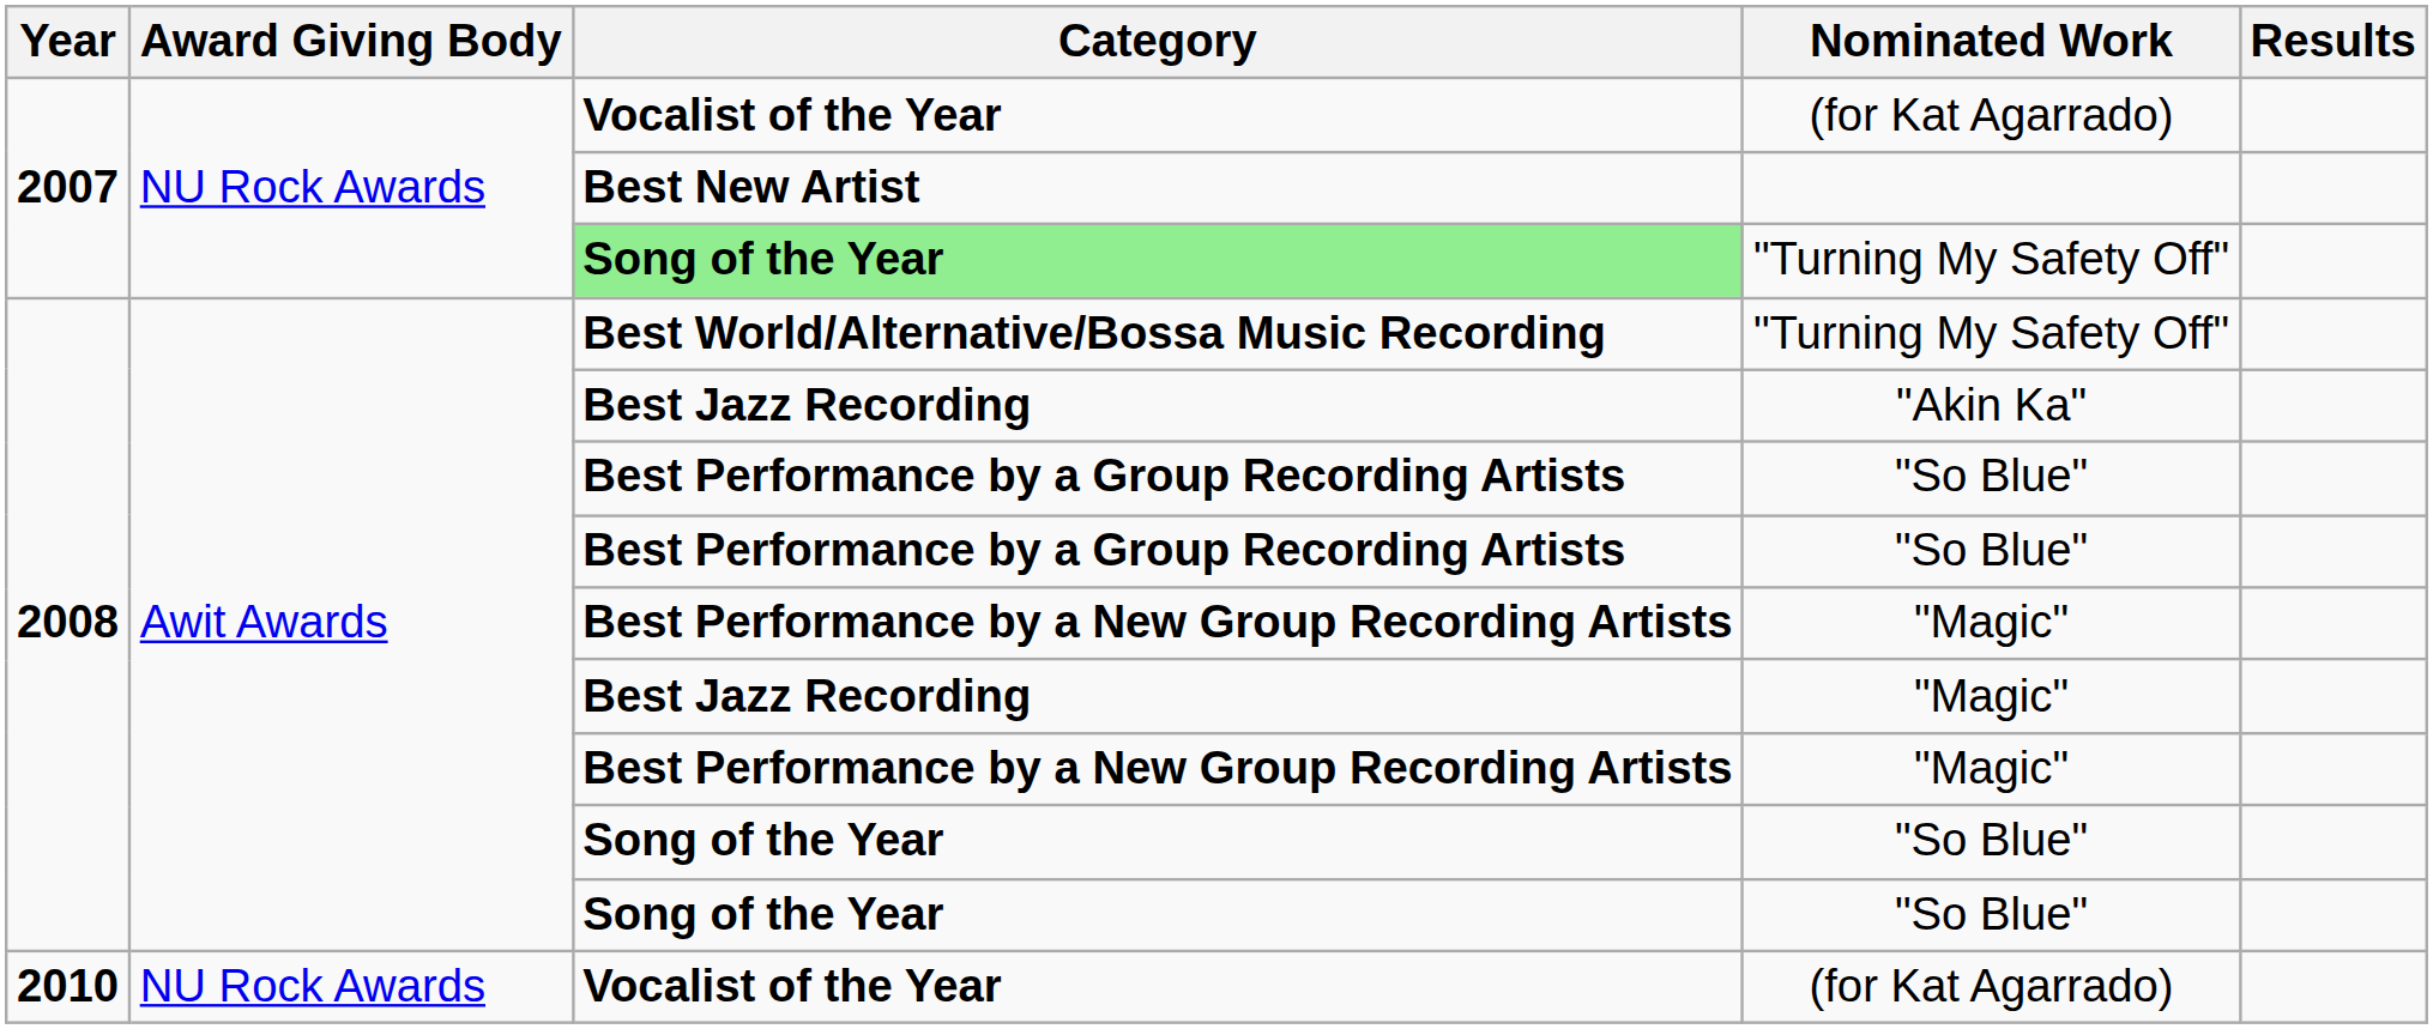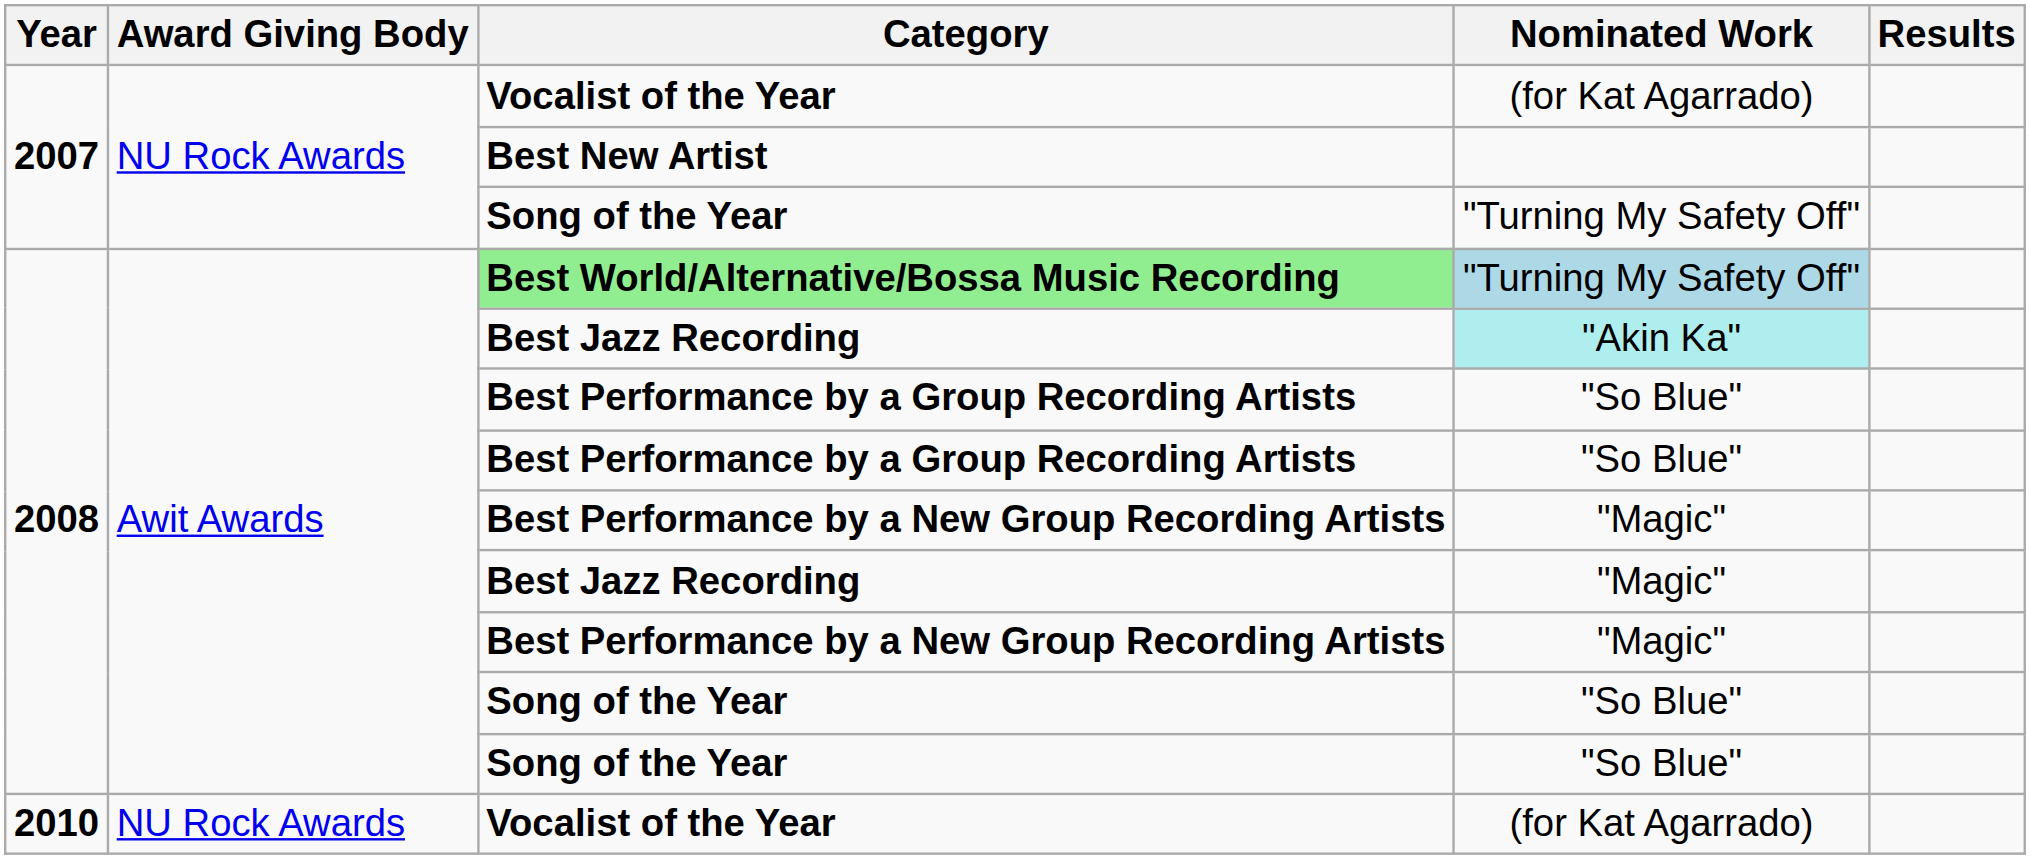 <table class="wikitable">
 <tr>
 <th>Year</th>
 <th>Award Giving Body</th>
 <th>Category</th>
 <th>Nominated Work</th>
 <th>Results</th>
 </tr>
 <tr>
 <td rowspan=3><strong>2007</strong></td>
 <td rowspan=3><a href='#'>NU Rock Awards</a></td>
 <td><strong>Vocalist of the Year</strong></td>
 <td align=center>(for Kat Agarrado)</td>
 <td></td>
 </tr>
 <tr>
 <td><strong>Best New Artist</strong></td>
 <td></td>
 <td></td>
 </tr>
 <tr>
-<td style="background: lightgreen;"><strong>Song of the Year</strong></td>
+<td><strong>Song of the Year</strong></td>
 <td align=center>"Turning My Safety Off"</td>
 <td></td>
 </tr>
 <tr>
 <td rowspan=9><strong>2008</strong></td>
 <td rowspan=9><a href='#'>Awit Awards</a></td>
-<td><strong>Best World/Alternative/Bossa Music Recording</strong></td>
-<td align=center>"Turning My Safety Off"</td>
+<td style="background: lightgreen;"><strong>Best World/Alternative/Bossa Music Recording</strong></td>
+<td align=center style="background: lightblue;">"Turning My Safety Off"</td>
 <td></td>
 </tr>
 <tr>
 <td><strong>Best Jazz Recording</strong></td>
-<td align=center>"Akin Ka"</td>
+<td align=center style="background: paleturquoise;">"Akin Ka"</td>
 <td></td>
 </tr>
 <tr>
 <td><strong>Best Performance by a Group Recording Artists</strong> </td>
 <td align=center>"So Blue"</td>
 <td></td>
 </tr>
 <tr>
 <td><strong>Best Performance by a Group Recording Artists</strong> </td>
 <td align=center>"So Blue"</td>
 <td></td>
 </tr>
 <tr>
 <td><strong>Best Performance by a New Group Recording Artists</strong> </td>
 <td align=center>"Magic"</td>
 <td></td>
 </tr>
 <tr>
 <td><strong>Best Jazz Recording</strong></td>
 <td align=center>"Magic"</td>
 <td></td>
 </tr>
 <tr>
 <td><strong>Best Performance by a New Group Recording Artists</strong> </td>
 <td align=center>"Magic"</td>
 <td></td>
 </tr>
 <tr>
 <td><strong>Song of the Year</strong></td>
 <td align=center>"So Blue"</td>
 <td></td>
 </tr>
 <tr>
 <td><strong>Song of the Year</strong> </td>
 <td align=center>"So Blue"</td>
 <td></td>
 </tr>
 <tr>
 <td><strong>2010</strong></td>
 <td><a href='#'>NU Rock Awards</a></td>
 <td><strong>Vocalist of the Year</strong></td>
 <td align=center>(for Kat Agarrado)</td>
 <td></td>
 </tr>
 </table>
